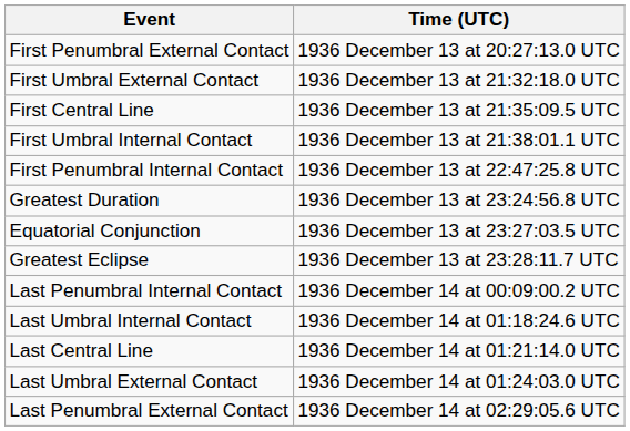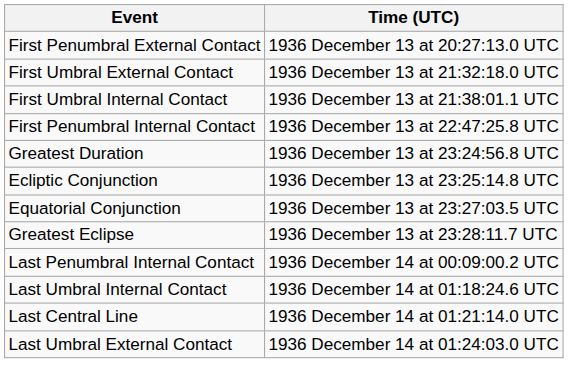 <table class="wikitable">
 <tr>
 <th>Event</th>
 <th>Time (UTC)</th>
 </tr>
 <tr>
 <td>First Penumbral External Contact</td>
 <td>1936 December 13 at 20:27:13.0 UTC</td>
 </tr>
 <tr>
 <td>First Umbral External Contact</td>
 <td>1936 December 13 at 21:32:18.0 UTC</td>
 </tr>
 <tr>
-<td>First Central Line</td>
-<td>1936 December 13 at 21:35:09.5 UTC</td>
-</tr>
-<tr>
 <td>First Umbral Internal Contact</td>
 <td>1936 December 13 at 21:38:01.1 UTC</td>
 </tr>
 <tr>
 <td>First Penumbral Internal Contact</td>
 <td>1936 December 13 at 22:47:25.8 UTC</td>
 </tr>
 <tr>
 <td>Greatest Duration</td>
 <td>1936 December 13 at 23:24:56.8 UTC</td>
+</tr>
+<tr>
+<td>Ecliptic Conjunction</td>
+<td>1936 December 13 at 23:25:14.8 UTC</td>
 </tr>
 <tr>
 <td>Equatorial Conjunction</td>
 <td>1936 December 13 at 23:27:03.5 UTC</td>
 </tr>
 <tr>
 <td>Greatest Eclipse</td>
 <td>1936 December 13 at 23:28:11.7 UTC</td>
 </tr>
 <tr>
 <td>Last Penumbral Internal Contact</td>
 <td>1936 December 14 at 00:09:00.2 UTC</td>
 </tr>
 <tr>
 <td>Last Umbral Internal Contact</td>
 <td>1936 December 14 at 01:18:24.6 UTC</td>
 </tr>
 <tr>
 <td>Last Central Line</td>
 <td>1936 December 14 at 01:21:14.0 UTC</td>
 </tr>
 <tr>
 <td>Last Umbral External Contact</td>
 <td>1936 December 14 at 01:24:03.0 UTC</td>
 </tr>
-<tr>
-<td>Last Penumbral External Contact</td>
-<td>1936 December 14 at 02:29:05.6 UTC</td>
-</tr>
 </table>
